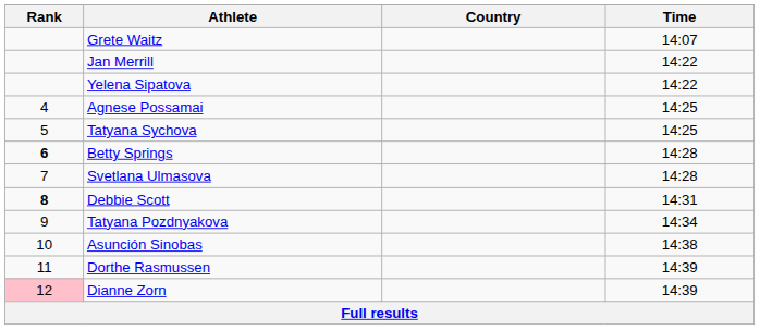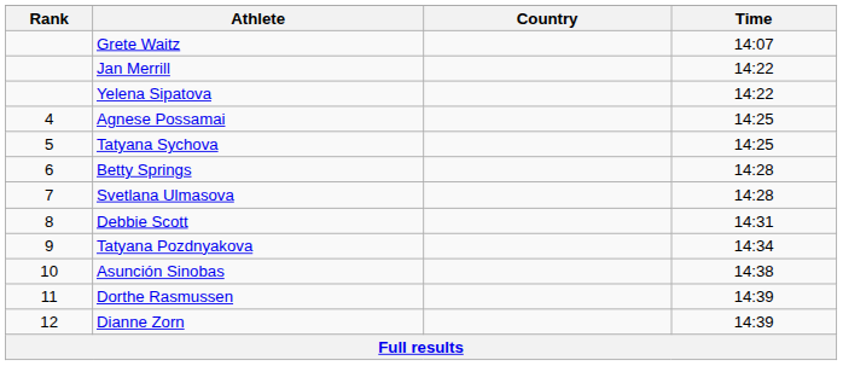 <table class="wikitable sortable" style=" text-align:center; font-size:95%;" width="50%">
 <tr>
 </tr>
 <tr>
 <th width=5%>Rank</th>
 <th width=20%>Athlete</th>
 <th width=15%>Country</th>
 <th width=10%>Time</th>
 </tr>
 <tr>
 <td align=center></td>
 <td align=left><a href='#'>Grete Waitz</a></td>
 <td align=left></td>
 <td>14:07</td>
 </tr>
 <tr>
 <td align=center></td>
 <td align=left><a href='#'>Jan Merrill</a></td>
 <td align=left></td>
 <td>14:22</td>
 </tr>
 <tr>
 <td align=center></td>
 <td align=left><a href='#'>Yelena Sipatova</a></td>
 <td align=left></td>
 <td>14:22</td>
 </tr>
 <tr>
 <td align=center>4</td>
 <td align=left><a href='#'>Agnese Possamai</a></td>
 <td align=left></td>
 <td>14:25</td>
 </tr>
 <tr>
 <td align=center>5</td>
 <td align=left><a href='#'>Tatyana Sychova</a></td>
 <td align=left></td>
 <td>14:25</td>
 </tr>
 <tr>
-<td align=center><strong>6</strong></td>
+<td align=center>6</td>
 <td align=left><a href='#'>Betty Springs</a></td>
 <td align=left></td>
 <td>14:28</td>
 </tr>
 <tr>
 <td align=center>7</td>
 <td align=left><a href='#'>Svetlana Ulmasova</a></td>
 <td align=left></td>
 <td>14:28</td>
 </tr>
 <tr>
-<td align=center><strong>8</strong></td>
+<td align=center>8</td>
 <td align=left><a href='#'>Debbie Scott</a></td>
 <td align=left></td>
 <td>14:31</td>
 </tr>
 <tr>
 <td align=center>9</td>
 <td align=left><a href='#'>Tatyana Pozdnyakova</a></td>
 <td align=left></td>
 <td>14:34</td>
 </tr>
 <tr>
 <td align=center>10</td>
 <td align=left><a href='#'>Asunción Sinobas</a></td>
 <td align=left></td>
 <td>14:38</td>
 </tr>
 <tr>
 <td align=center>11</td>
 <td align=left><a href='#'>Dorthe Rasmussen</a></td>
 <td align=left></td>
 <td>14:39</td>
 </tr>
 <tr>
-<td align=center style="background: pink;">12</td>
+<td align=center>12</td>
 <td align=left><a href='#'>Dianne Zorn</a></td>
 <td align=left></td>
 <td>14:39</td>
 </tr>
 <tr class="sortbottom">
 <th colspan=4 align=center><a href='#'>Full results</a></th>
 </tr>
 </table>
